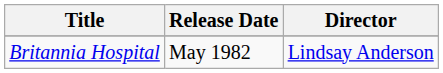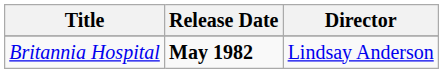 <table class="wikitable sortable">
 <tr>
 <th>Title</th>
 <th>Release Date</th>
 <th>Director</th>
 </tr>
 <tr>
 </tr>
 <tr>
 <td><em><a href='#'>Britannia Hospital</a></em></td>
-<td>May 1982</td>
+<td><strong>May 1982</strong></td>
 <td><a href='#'>Lindsay Anderson</a></td>
 </tr>
 </table>
